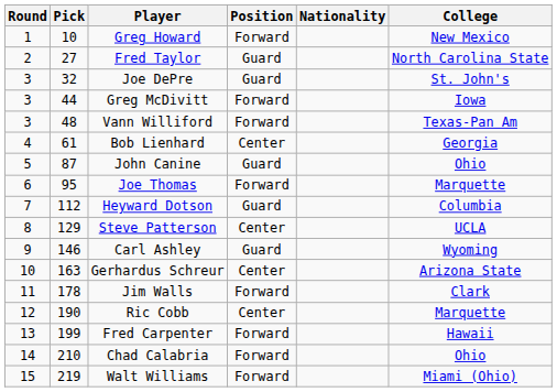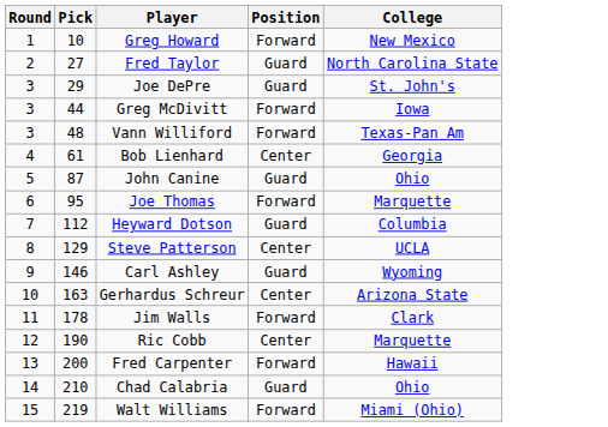 <table class="wikitable sortable sortable">
 <tr>
 <th>Round</th>
 <th>Pick</th>
 <th>Player</th>
 <th>Position</th>
-<th>Nationality</th>
 <th>College</th>
 </tr>
 <tr style="text-align: center">
 <td>1</td>
 <td>10</td>
 <td><a href='#'>Greg Howard</a></td>
 <td>Forward</td>
-<td></td>
 <td><a href='#'>New Mexico</a></td>
 </tr>
 <tr style="text-align: center">
 <td>2</td>
 <td>27</td>
 <td><a href='#'>Fred Taylor</a></td>
 <td>Guard</td>
-<td></td>
 <td><a href='#'>North Carolina State</a></td>
 </tr>
 <tr style="text-align: center">
 <td>3</td>
-<td>32</td>
+<td>29</td>
 <td>Joe DePre</td>
 <td>Guard</td>
-<td></td>
 <td><a href='#'>St. John's</a></td>
 </tr>
 <tr style="text-align: center">
 <td>3</td>
 <td>44</td>
 <td>Greg McDivitt</td>
 <td>Forward</td>
-<td></td>
 <td><a href='#'>Iowa</a></td>
 </tr>
 <tr style="text-align: center">
 <td>3</td>
 <td>48</td>
 <td>Vann Williford</td>
 <td>Forward</td>
-<td></td>
 <td><a href='#'>Texas-Pan Am</a></td>
 </tr>
 <tr style="text-align: center">
 <td>4</td>
 <td>61</td>
 <td>Bob Lienhard</td>
 <td>Center</td>
-<td></td>
 <td><a href='#'>Georgia</a></td>
 </tr>
 <tr style="text-align: center">
 <td>5</td>
 <td>87</td>
 <td>John Canine</td>
 <td>Guard</td>
-<td></td>
 <td><a href='#'>Ohio</a></td>
 </tr>
 <tr style="text-align: center">
 <td>6</td>
 <td>95</td>
 <td><a href='#'>Joe Thomas</a></td>
 <td>Forward</td>
-<td></td>
 <td><a href='#'>Marquette</a></td>
 </tr>
 <tr style="text-align: center">
 <td>7</td>
 <td>112</td>
 <td><a href='#'>Heyward Dotson</a></td>
 <td>Guard</td>
-<td></td>
 <td><a href='#'>Columbia</a></td>
 </tr>
 <tr style="text-align: center">
 <td>8</td>
 <td>129</td>
 <td><a href='#'>Steve Patterson</a></td>
 <td>Center</td>
-<td></td>
 <td><a href='#'>UCLA</a></td>
 </tr>
 <tr style="text-align: center">
 <td>9</td>
 <td>146</td>
 <td>Carl Ashley</td>
 <td>Guard</td>
-<td></td>
 <td><a href='#'>Wyoming</a></td>
 </tr>
 <tr style="text-align: center">
 <td>10</td>
 <td>163</td>
 <td>Gerhardus Schreur</td>
 <td>Center</td>
-<td></td>
 <td><a href='#'>Arizona State</a></td>
 </tr>
 <tr style="text-align: center">
 <td>11</td>
 <td>178</td>
 <td>Jim Walls</td>
 <td>Forward</td>
-<td></td>
 <td><a href='#'>Clark</a></td>
 </tr>
 <tr style="text-align: center">
 <td>12</td>
 <td>190</td>
 <td>Ric Cobb</td>
 <td>Center</td>
-<td></td>
 <td><a href='#'>Marquette</a></td>
 </tr>
 <tr style="text-align: center">
 <td>13</td>
-<td>199</td>
+<td>200</td>
 <td>Fred Carpenter</td>
 <td>Forward</td>
-<td></td>
 <td><a href='#'>Hawaii</a></td>
 </tr>
 <tr style="text-align: center">
 <td>14</td>
 <td>210</td>
 <td>Chad Calabria</td>
-<td>Forward</td>
-<td></td>
+<td>Guard</td>
 <td><a href='#'>Ohio</a></td>
 </tr>
 <tr style="text-align: center">
 <td>15</td>
 <td>219</td>
 <td>Walt Williams</td>
 <td>Forward</td>
-<td></td>
 <td><a href='#'>Miami (Ohio)</a></td>
 </tr>
 </table>
